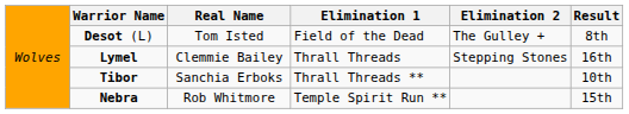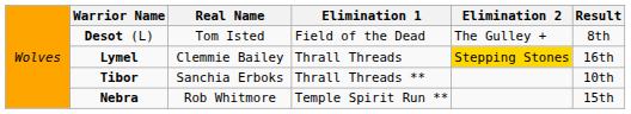 <table class="wikitable">
 <tr>
 <td rowspan="5" bgcolor="orange" style="color:black" width="60" align="center"><em>Wolves</em></td>
 <th>Warrior Name</th>
 <th>Real Name</th>
 <th>Elimination 1</th>
 <th>Elimination 2</th>
 <th>Result</th>
 </tr>
 <tr>
 <td align="center"><strong>Desot</strong> (L)</td>
 <td width="120px" align="center">Tom Isted</td>
 <td>Field of the Dead</td>
 <td>The Gulley +</td>
 <td align="center">8th</td>
 </tr>
 <tr>
 <td align="center"><strong>Lymel</strong></td>
 <td align="center">Clemmie Bailey</td>
 <td>Thrall Threads</td>
-<td>Stepping Stones</td>
+<td style="background: gold;">Stepping Stones</td>
 <td align="center">16th</td>
 </tr>
 <tr>
 <td align="center"><strong>Tibor</strong></td>
 <td align="center">Sanchia Erboks</td>
 <td>Thrall Threads **</td>
 <td></td>
 <td align="center">10th</td>
 </tr>
 <tr>
 <td align="center"><strong>Nebra</strong></td>
 <td align="center">Rob Whitmore</td>
 <td>Temple Spirit Run **</td>
 <td></td>
 <td align="center">15th</td>
 </tr>
 </table>
